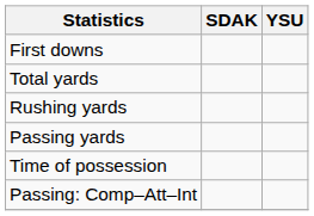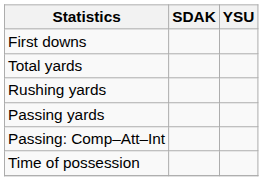 <table class="wikitable" style="float: left;">
 <tr>
 <th>Statistics</th>
 <th>SDAK</th>
 <th>YSU</th>
 </tr>
 <tr>
 <td>First downs</td>
 <td></td>
 <td></td>
 </tr>
 <tr>
 <td>Total yards</td>
 <td></td>
 <td></td>
 </tr>
 <tr>
 <td>Rushing yards</td>
 <td></td>
 <td></td>
 </tr>
 <tr>
 <td>Passing yards</td>
 <td></td>
 <td></td>
 </tr>
 <tr>
-<td>Time of possession</td>
+<td>Passing: Comp–Att–Int</td>
 <td></td>
 <td></td>
 </tr>
 <tr>
-<td>Passing: Comp–Att–Int</td>
+<td>Time of possession</td>
 <td></td>
 <td></td>
 </tr>
 <tr>
 </tr>
 </table>
